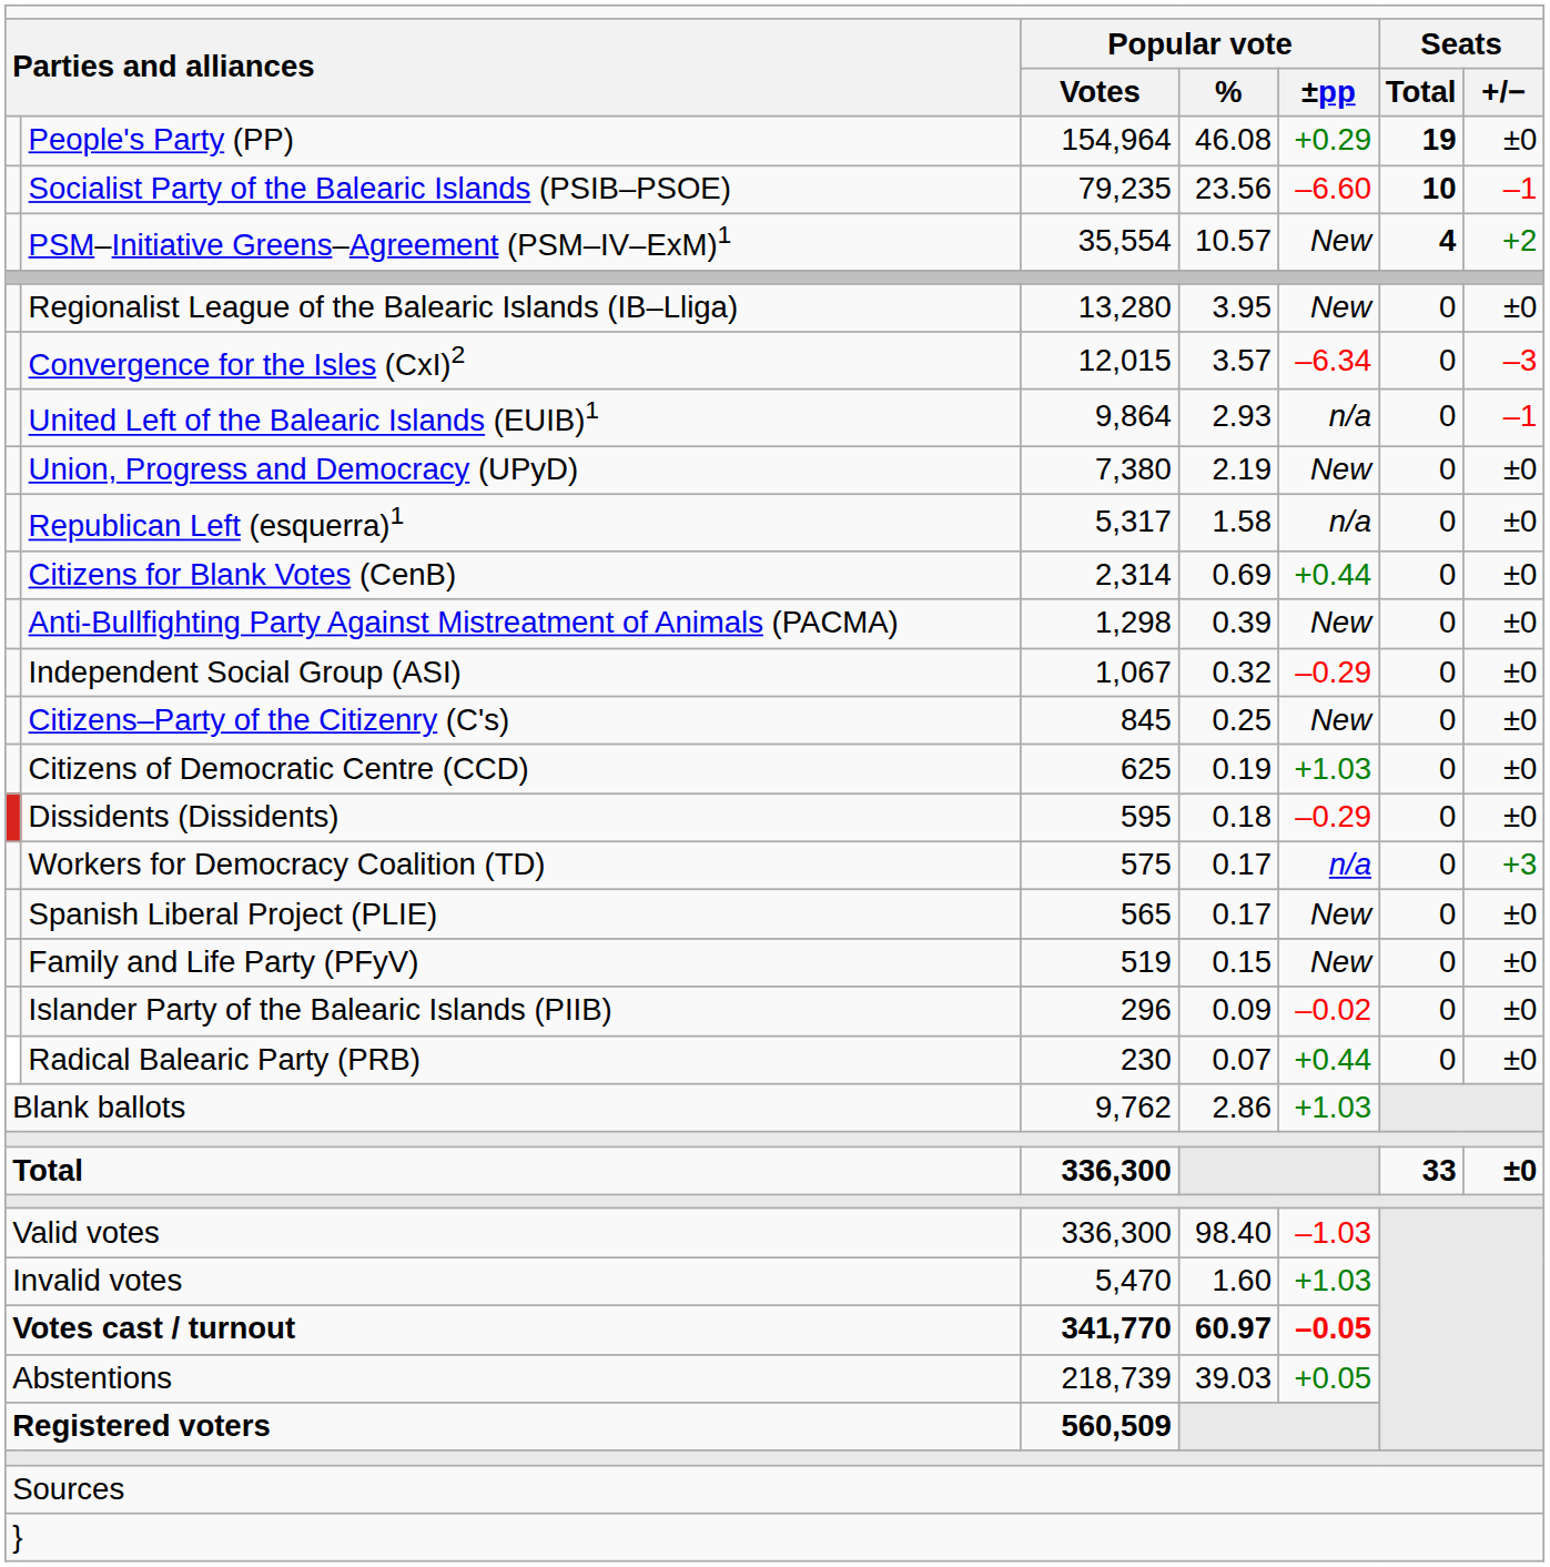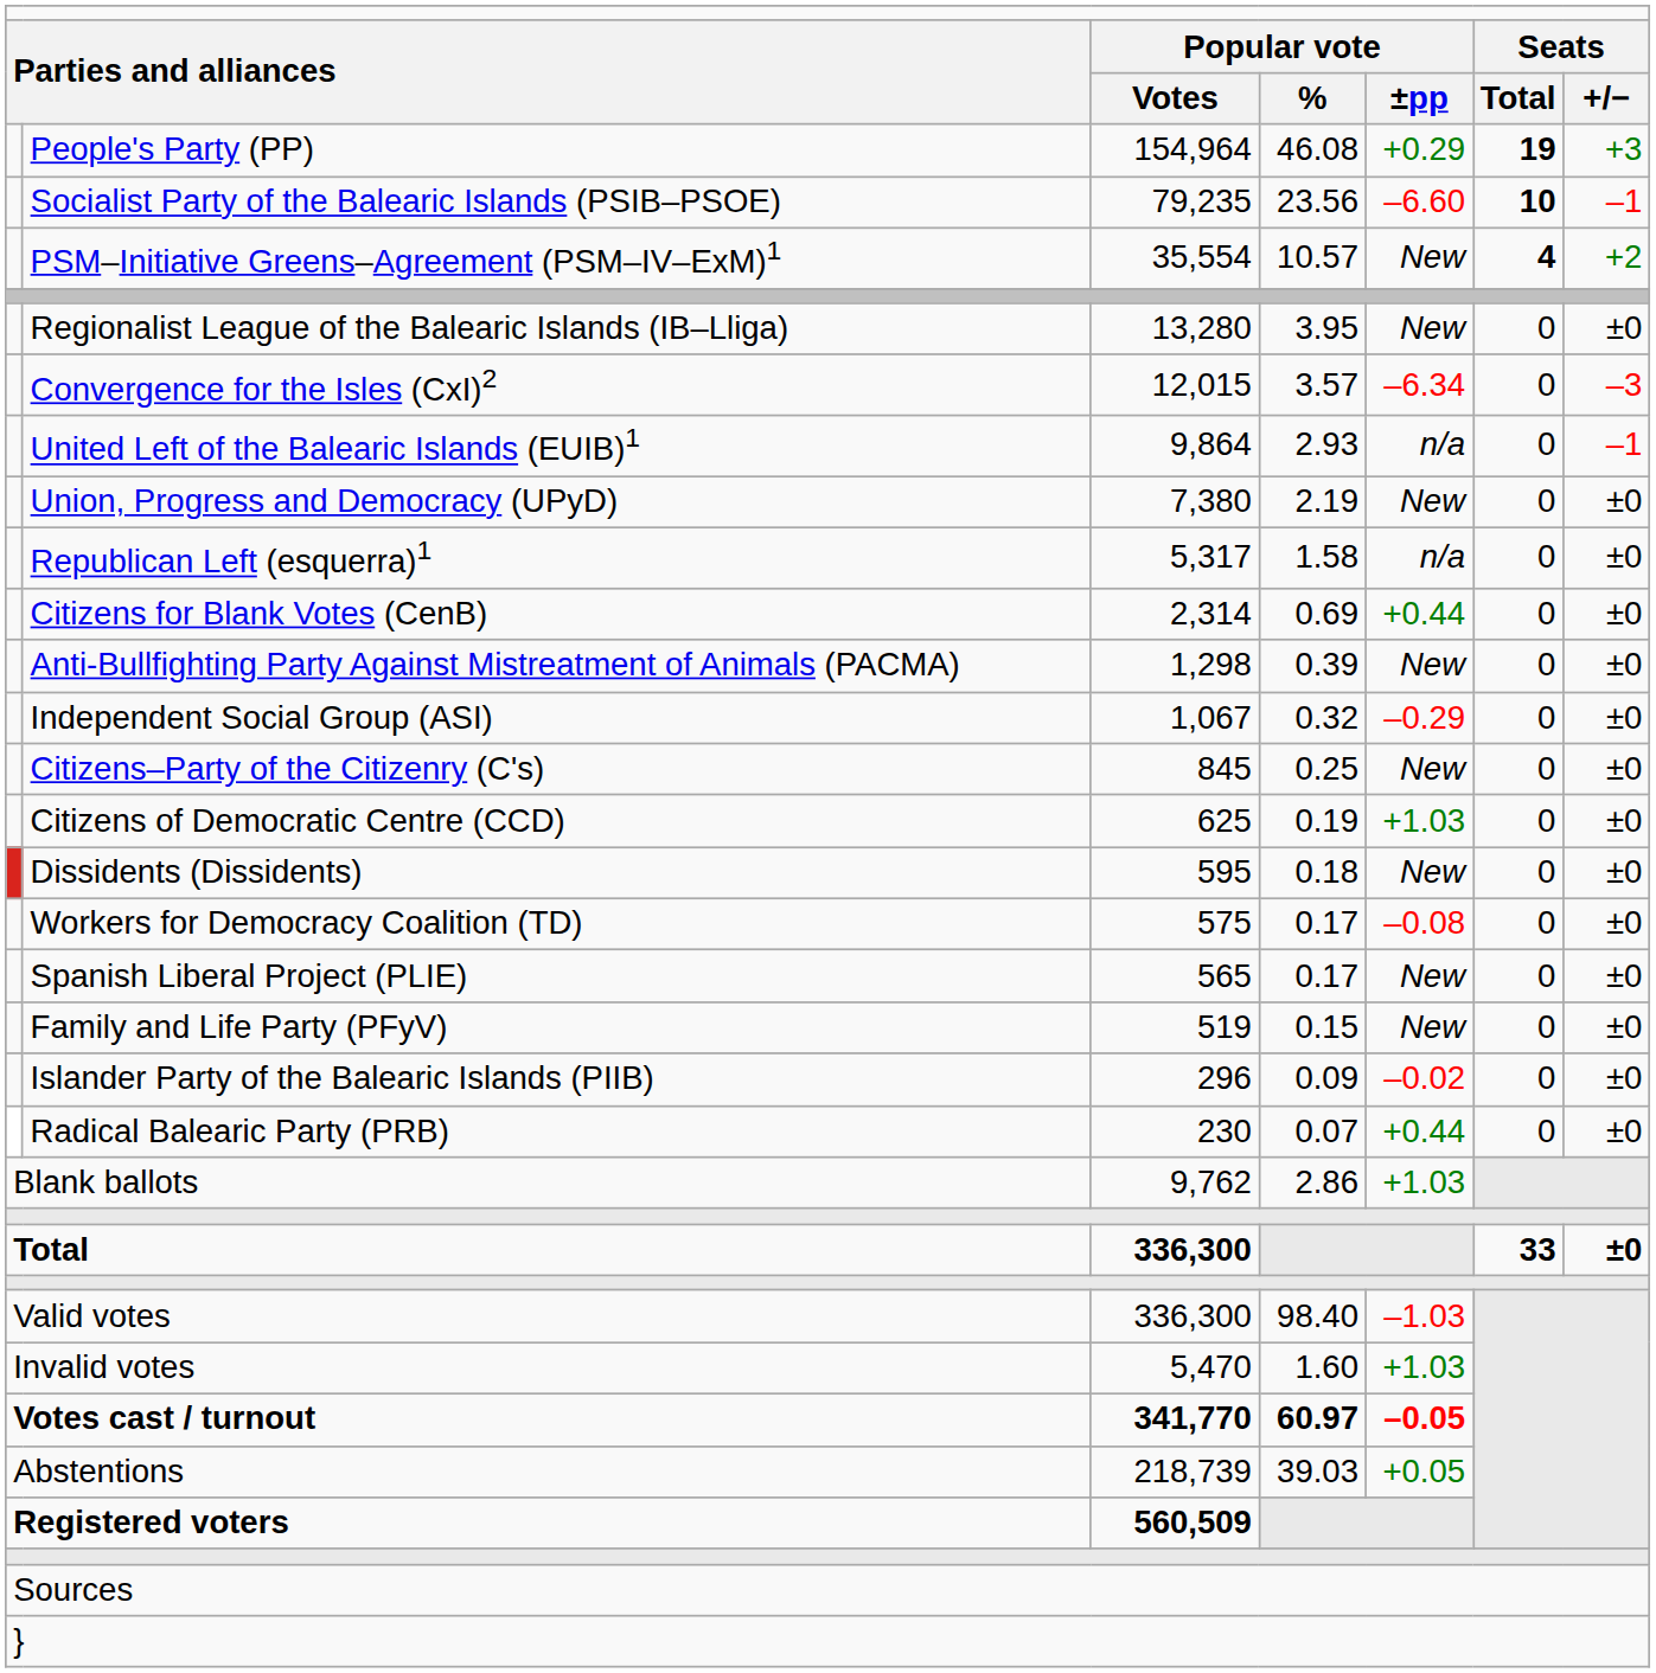 <table class="wikitable" style="text-align:right;">
 <tr>
 <td colspan="7"></td>
 </tr>
 <tr>
 <th style="text-align:left;" rowspan="2" colspan="2" width="525">Parties and alliances</th>
 <th colspan="3">Popular vote</th>
 <th colspan="2">Seats</th>
 </tr>
 <tr>
 <th width="75">Votes</th>
 <th width="45">%</th>
 <th width="45">±<a href='#'>pp</a></th>
 <th width="35">Total</th>
 <th width="35">+/−</th>
 </tr>
 <tr>
 <td width="1" style="color:inherit;background:"></td>
 <td align="left"><a href='#'>People's Party</a> (PP)</td>
 <td>154,964</td>
 <td>46.08</td>
 <td style="color:green;">+0.29</td>
 <td><strong>19</strong></td>
-<td>±0</td>
+<td style="color:green;">+3</td>
 </tr>
 <tr>
 <td style="color:inherit;background:"></td>
 <td align="left"><a href='#'>Socialist Party of the Balearic Islands</a> (PSIB–PSOE)</td>
 <td>79,235</td>
 <td>23.56</td>
 <td style="color:red;">–6.60</td>
 <td><strong>10</strong></td>
 <td style="color:red;">–1</td>
 </tr>
 <tr>
 <td style="color:inherit;background:"></td>
 <td align="left"><a href='#'>PSM</a>–<a href='#'>Initiative Greens</a>–<a href='#'>Agreement</a> (PSM–IV–ExM)<sup>1</sup></td>
 <td>35,554</td>
 <td>10.57</td>
 <td><em>New</em></td>
 <td><strong>4</strong></td>
 <td style="color:green;">+2</td>
 </tr>
 <tr>
 <td colspan="7" bgcolor="#C0C0C0"></td>
 </tr>
 <tr>
 <td style="color:inherit;background:"></td>
 <td align="left">Regionalist League of the Balearic Islands (IB–Lliga)</td>
 <td>13,280</td>
 <td>3.95</td>
 <td><em>New</em></td>
 <td>0</td>
 <td>±0</td>
 </tr>
 <tr>
 <td style="color:inherit;background:"></td>
 <td align="left"><a href='#'>Convergence for the Isles</a> (CxI)<sup>2</sup></td>
 <td>12,015</td>
 <td>3.57</td>
 <td style="color:red;">–6.34</td>
 <td>0</td>
 <td style="color:red;">–3</td>
 </tr>
 <tr>
 <td style="color:inherit;background:"></td>
 <td align="left"><a href='#'>United Left of the Balearic Islands</a> (EUIB)<sup>1</sup></td>
 <td>9,864</td>
 <td>2.93</td>
 <td><em>n/a</em></td>
 <td>0</td>
 <td style="color:red;">–1</td>
 </tr>
 <tr>
 <td style="color:inherit;background:"></td>
 <td align="left"><a href='#'>Union, Progress and Democracy</a> (UPyD)</td>
 <td>7,380</td>
 <td>2.19</td>
 <td><em>New</em></td>
 <td>0</td>
 <td>±0</td>
 </tr>
 <tr>
 <td style="color:inherit;background:"></td>
 <td align="left"><a href='#'>Republican Left</a> (esquerra)<sup>1</sup></td>
 <td>5,317</td>
 <td>1.58</td>
 <td><em>n/a</em></td>
 <td>0</td>
 <td>±0</td>
 </tr>
 <tr>
 <td style="color:inherit;background:"></td>
 <td align="left"><a href='#'>Citizens for Blank Votes</a> (CenB)</td>
 <td>2,314</td>
 <td>0.69</td>
 <td style="color:green;">+0.44</td>
 <td>0</td>
 <td>±0</td>
 </tr>
 <tr>
 <td style="color:inherit;background:"></td>
 <td align="left"><a href='#'>Anti-Bullfighting Party Against Mistreatment of Animals</a> (PACMA)</td>
 <td>1,298</td>
 <td>0.39</td>
 <td><em>New</em></td>
 <td>0</td>
 <td>±0</td>
 </tr>
 <tr>
 <td style="color:inherit;background:"></td>
 <td align="left">Independent Social Group (ASI)</td>
 <td>1,067</td>
 <td>0.32</td>
 <td style="color:red;">–0.29</td>
 <td>0</td>
 <td>±0</td>
 </tr>
 <tr>
 <td style="color:inherit;background:"></td>
 <td align="left"><a href='#'>Citizens–Party of the Citizenry</a> (C's)</td>
 <td>845</td>
 <td>0.25</td>
 <td><em>New</em></td>
 <td>0</td>
 <td>±0</td>
 </tr>
 <tr>
 <td style="color:inherit;background:"></td>
 <td align="left">Citizens of Democratic Centre (CCD)</td>
 <td>625</td>
 <td>0.19</td>
 <td style="color:green;">+1.03</td>
 <td>0</td>
 <td>±0</td>
 </tr>
 <tr>
 <td style="color:inherit;background:#D9241D"></td>
 <td align="left">Dissidents (Dissidents)</td>
 <td>595</td>
 <td>0.18</td>
-<td style="color:red;">–0.29</td>
+<td><em>New</em></td>
 <td>0</td>
 <td>±0</td>
 </tr>
 <tr>
 <td style="color:inherit;background:"></td>
 <td align="left">Workers for Democracy Coalition (TD)</td>
 <td>575</td>
 <td>0.17</td>
-<td><em><a href='#'>n/a</a></em></td>
+<td style="color:red;">–0.08</td>
 <td>0</td>
-<td style="color:green;">+3</td>
+<td>±0</td>
 </tr>
 <tr>
 <td style="color:inherit;background:"></td>
 <td align="left">Spanish Liberal Project (PLIE)</td>
 <td>565</td>
 <td>0.17</td>
 <td><em>New</em></td>
 <td>0</td>
 <td>±0</td>
 </tr>
 <tr>
 <td style="color:inherit;background:"></td>
 <td align="left">Family and Life Party (PFyV)</td>
 <td>519</td>
 <td>0.15</td>
 <td><em>New</em></td>
 <td>0</td>
 <td>±0</td>
 </tr>
 <tr>
 <td style="color:inherit;background:"></td>
 <td align="left">Islander Party of the Balearic Islands (PIIB)</td>
 <td>296</td>
 <td>0.09</td>
 <td style="color:red;">–0.02</td>
 <td>0</td>
 <td>±0</td>
 </tr>
 <tr>
 <td bgcolor="white"></td>
 <td align="left">Radical Balearic Party (PRB)</td>
 <td>230</td>
 <td>0.07</td>
 <td style="color:green;">+0.44</td>
 <td>0</td>
 <td>±0</td>
 </tr>
 <tr>
 <td align="left" colspan="2">Blank ballots</td>
 <td>9,762</td>
 <td>2.86</td>
 <td style="color:green;">+1.03</td>
 <td bgcolor="#E9E9E9" colspan="2"></td>
 </tr>
 <tr>
 <td colspan="7" bgcolor="#E9E9E9"></td>
 </tr>
 <tr style="font-weight:bold;">
 <td align="left" colspan="2">Total</td>
 <td>336,300</td>
 <td bgcolor="#E9E9E9" colspan="2"></td>
 <td>33</td>
 <td>±0</td>
 </tr>
 <tr>
 <td colspan="7" bgcolor="#E9E9E9"></td>
 </tr>
 <tr>
 <td align="left" colspan="2">Valid votes</td>
 <td>336,300</td>
 <td>98.40</td>
 <td style="color:red;">–1.03</td>
 <td bgcolor="#E9E9E9" colspan="2" rowspan="5"></td>
 </tr>
 <tr>
 <td align="left" colspan="2">Invalid votes</td>
 <td>5,470</td>
 <td>1.60</td>
 <td style="color:green;">+1.03</td>
 </tr>
 <tr style="font-weight:bold;">
 <td align="left" colspan="2">Votes cast / turnout</td>
 <td>341,770</td>
 <td>60.97</td>
 <td style="color:red;">–0.05</td>
 </tr>
 <tr>
 <td align="left" colspan="2">Abstentions</td>
 <td>218,739</td>
 <td>39.03</td>
 <td style="color:green;">+0.05</td>
 </tr>
 <tr style="font-weight:bold;">
 <td align="left" colspan="2">Registered voters</td>
 <td>560,509</td>
 <td bgcolor="#E9E9E9" colspan="2"></td>
 </tr>
 <tr>
 <td colspan="7" bgcolor="#E9E9E9"></td>
 </tr>
 <tr>
 <td align="left" colspan="7">Sources</td>
 </tr>
 <tr>
 <td colspan="7" style="text-align:left; max-width:790px;">}</td>
 </tr>
 </table>
